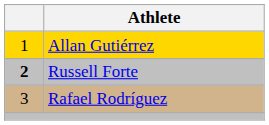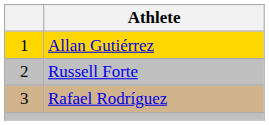 <table class="wikitable">
 <tr>
 <th width="30"></th>
 <th width="200">Athlete</th>
 </tr>
 <tr bgcolor="gold">
 <td align="center">1</td>
 <td> <a href='#'>Allan Gutiérrez</a></td>
 </tr>
 <tr bgcolor="silver">
-<td align="center"><strong>2</strong></td>
+<td align="center">2</td>
 <td> <a href='#'>Russell Forte</a></td>
 </tr>
 <tr bgcolor="D2B48C">
 <td align="center">3</td>
 <td> <a href='#'>Rafael Rodríguez</a></td>
 </tr>
 <tr bgcolor="C0C0C0">
 <td colspan=2></td>
 </tr>
 </table>
